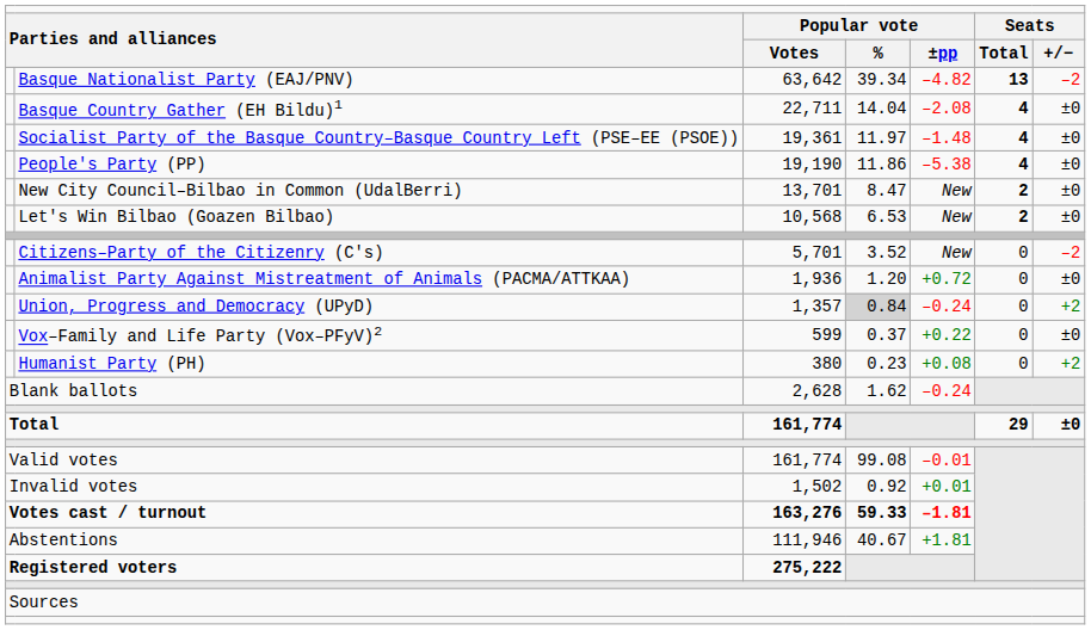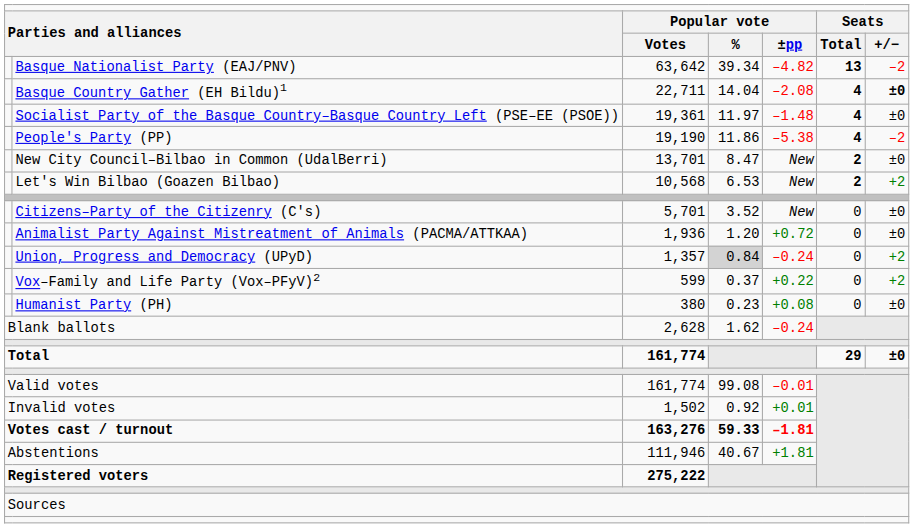 <table class="wikitable" style="text-align:right;">
 <tr>
 <td colspan="7"></td>
 </tr>
 <tr>
 <th style="text-align:left;" rowspan="2" colspan="2" width="525">Parties and alliances</th>
 <th colspan="3">Popular vote</th>
 <th colspan="2">Seats</th>
 </tr>
 <tr>
 <th width="75">Votes</th>
 <th width="45">%</th>
 <th width="45">±<a href='#'>pp</a></th>
 <th width="35">Total</th>
 <th width="35">+/−</th>
 </tr>
 <tr>
 <td width="1" style="color:inherit;background:"></td>
 <td align="left"><a href='#'>Basque Nationalist Party</a> (EAJ/PNV)</td>
 <td>63,642</td>
 <td>39.34</td>
 <td style="color:red;">–4.82</td>
 <td><strong>13</strong></td>
 <td style="color:red;">–2</td>
 </tr>
 <tr>
 <td style="color:inherit;background:"></td>
 <td align="left"><a href='#'>Basque Country Gather</a> (EH Bildu)<sup>1</sup></td>
 <td>22,711</td>
 <td>14.04</td>
 <td style="color:red;">–2.08</td>
 <td><strong>4</strong></td>
-<td>±0</td>
+<td><strong>±0</strong></td>
 </tr>
 <tr>
 <td style="color:inherit;background:"></td>
 <td align="left"><a href='#'>Socialist Party of the Basque Country–Basque Country Left</a> (PSE–EE (PSOE))</td>
 <td>19,361</td>
 <td>11.97</td>
 <td style="color:red;">–1.48</td>
 <td><strong>4</strong></td>
 <td>±0</td>
 </tr>
 <tr>
 <td style="color:inherit;background:"></td>
 <td align="left"><a href='#'>People's Party</a> (PP)</td>
 <td>19,190</td>
 <td>11.86</td>
 <td style="color:red;">–5.38</td>
 <td><strong>4</strong></td>
-<td>±0</td>
+<td style="color:red;">–2</td>
 </tr>
 <tr>
 <td style="color:inherit;background:"></td>
 <td align="left">New City Council–Bilbao in Common (UdalBerri)</td>
 <td>13,701</td>
 <td>8.47</td>
 <td><em>New</em></td>
 <td><strong>2</strong></td>
 <td>±0</td>
 </tr>
 <tr>
 <td style="color:inherit;background:"></td>
 <td align="left">Let's Win Bilbao (Goazen Bilbao)</td>
 <td>10,568</td>
 <td>6.53</td>
 <td><em>New</em></td>
 <td><strong>2</strong></td>
-<td>±0</td>
+<td style="color:green;">+2</td>
 </tr>
 <tr>
 <td colspan="7" bgcolor="#C0C0C0"></td>
 </tr>
 <tr>
 <td style="color:inherit;background:"></td>
 <td align="left"><a href='#'>Citizens–Party of the Citizenry</a> (C's)</td>
 <td>5,701</td>
 <td>3.52</td>
 <td><em>New</em></td>
 <td>0</td>
-<td style="color:red;">–2</td>
+<td>±0</td>
 </tr>
 <tr>
 <td style="color:inherit;background:"></td>
 <td align="left"><a href='#'>Animalist Party Against Mistreatment of Animals</a> (PACMA/ATTKAA)</td>
 <td>1,936</td>
 <td>1.20</td>
 <td style="color:green;">+0.72</td>
 <td>0</td>
 <td>±0</td>
 </tr>
 <tr>
 <td style="color:inherit;background:"></td>
 <td align="left"><a href='#'>Union, Progress and Democracy</a> (UPyD)</td>
 <td>1,357</td>
 <td style="background: lightgrey;">0.84</td>
 <td style="color:red;">–0.24</td>
 <td>0</td>
 <td style="color:green;">+2</td>
 </tr>
 <tr>
 <td style="color:inherit;background:"></td>
 <td align="left"><a href='#'>Vox</a>–Family and Life Party (Vox–PFyV)<sup>2</sup></td>
 <td>599</td>
 <td>0.37</td>
 <td style="color:green;">+0.22</td>
 <td>0</td>
-<td>±0</td>
+<td style="color:green;">+2</td>
 </tr>
 <tr>
 <td style="color:inherit;background:"></td>
 <td align="left"><a href='#'>Humanist Party</a> (PH)</td>
 <td>380</td>
 <td>0.23</td>
 <td style="color:green;">+0.08</td>
 <td>0</td>
-<td style="color:green;">+2</td>
+<td>±0</td>
 </tr>
 <tr>
 <td align="left" colspan="2">Blank ballots</td>
 <td>2,628</td>
 <td>1.62</td>
 <td style="color:red;">–0.24</td>
 <td bgcolor="#E9E9E9" colspan="2"></td>
 </tr>
 <tr>
 <td colspan="7" bgcolor="#E9E9E9"></td>
 </tr>
 <tr style="font-weight:bold;">
 <td align="left" colspan="2">Total</td>
 <td>161,774</td>
 <td bgcolor="#E9E9E9" colspan="2"></td>
 <td>29</td>
 <td>±0</td>
 </tr>
 <tr>
 <td colspan="7" bgcolor="#E9E9E9"></td>
 </tr>
 <tr>
 <td align="left" colspan="2">Valid votes</td>
 <td>161,774</td>
 <td>99.08</td>
 <td style="color:red;">–0.01</td>
 <td bgcolor="#E9E9E9" colspan="2" rowspan="5"></td>
 </tr>
 <tr>
 <td align="left" colspan="2">Invalid votes</td>
 <td>1,502</td>
 <td>0.92</td>
 <td style="color:green;">+0.01</td>
 </tr>
 <tr style="font-weight:bold;">
 <td align="left" colspan="2">Votes cast / turnout</td>
 <td>163,276</td>
 <td>59.33</td>
 <td style="color:red;">–1.81</td>
 </tr>
 <tr>
 <td align="left" colspan="2">Abstentions</td>
 <td>111,946</td>
 <td>40.67</td>
 <td style="color:green;">+1.81</td>
 </tr>
 <tr style="font-weight:bold;">
 <td align="left" colspan="2">Registered voters</td>
 <td>275,222</td>
 <td bgcolor="#E9E9E9" colspan="2"></td>
 </tr>
 <tr>
 <td colspan="7" bgcolor="#E9E9E9"></td>
 </tr>
 <tr>
 <td align="left" colspan="7">Sources</td>
 </tr>
 <tr>
 <td colspan="7" style="text-align:left; max-width:790px;"></td>
 </tr>
 </table>
